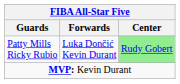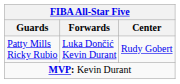 <table class=wikitable style="margin:auto">
 <tr>
 <th colspan=3 align=center><a href='#'>FIBA All-Star Five</a></th>
 </tr>
 <tr>
 <th>Guards</th>
 <th>Forwards</th>
 <th>Center</th>
 </tr>
 <tr>
 <td> <a href='#'>Patty Mills</a><br> <a href='#'>Ricky Rubio</a></td>
 <td> <a href='#'>Luka Dončić</a><br> <a href='#'>Kevin Durant</a></td>
-<td style="background: lightgreen;"> <a href='#'>Rudy Gobert</a></td>
+<td> <a href='#'>Rudy Gobert</a></td>
 </tr>
 <tr>
 <td colspan=3 align=center><strong><a href='#'>MVP</a>:</strong>  Kevin Durant</td>
 </tr>
 </table>
